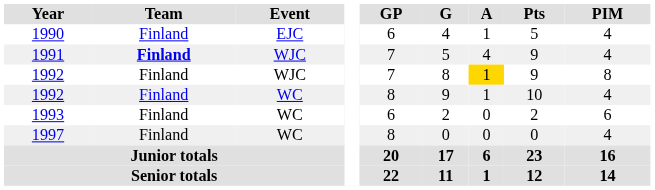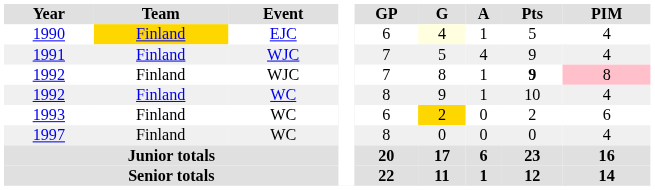 <table border="0" cellpadding="1" cellspacing="0" style="text-align:center; width:40em">
 <tr ALIGN="center" bgcolor="#e0e0e0">
 <th>Year</th>
 <th>Team</th>
 <th>Event</th>
 <th ALIGN="center" rowspan="99" bgcolor="#ffffff"> </th>
 <th>GP</th>
 <th>G</th>
 <th>A</th>
 <th>Pts</th>
 <th>PIM</th>
 </tr>
 <tr>
 <td><a href='#'>1990</a></td>
-<td><a href='#'>Finland</a></td>
+<td style="background: gold;"><a href='#'>Finland</a></td>
 <td><a href='#'>EJC</a></td>
 <td>6</td>
-<td>4</td>
+<td style="background: lightyellow;">4</td>
 <td>1</td>
 <td>5</td>
 <td>4</td>
 </tr>
 <tr bgcolor="#f0f0f0">
 <td><a href='#'>1991</a></td>
-<td><strong><a href='#'>Finland</a></strong></td>
+<td><a href='#'>Finland</a></td>
 <td><a href='#'>WJC</a></td>
 <td>7</td>
 <td>5</td>
 <td>4</td>
 <td>9</td>
 <td>4</td>
 </tr>
 <tr>
 <td><a href='#'>1992</a></td>
 <td>Finland</td>
 <td>WJC</td>
 <td>7</td>
 <td>8</td>
-<td style="background: gold;">1</td>
-<td>9</td>
-<td>8</td>
+<td>1</td>
+<td><strong>9</strong></td>
+<td style="background: pink;">8</td>
 </tr>
 <tr bgcolor="#f0f0f0">
 <td><a href='#'>1992</a></td>
 <td><a href='#'>Finland</a></td>
 <td><a href='#'>WC</a></td>
 <td>8</td>
 <td>9</td>
 <td>1</td>
 <td>10</td>
 <td>4</td>
 </tr>
 <tr>
 <td><a href='#'>1993</a></td>
 <td>Finland</td>
 <td>WC</td>
 <td>6</td>
-<td>2</td>
+<td style="background: gold;">2</td>
 <td>0</td>
 <td>2</td>
 <td>6</td>
 </tr>
 <tr bgcolor="#f0f0f0">
 <td><a href='#'>1997</a></td>
 <td>Finland</td>
 <td>WC</td>
 <td>8</td>
 <td>0</td>
 <td>0</td>
 <td>0</td>
 <td>4</td>
 </tr>
 <tr bgcolor="#e0e0e0">
 <th colspan=3>Junior totals</th>
 <th>20</th>
 <th>17</th>
 <th>6</th>
 <th>23</th>
 <th>16</th>
 </tr>
 <tr bgcolor="#e0e0e0">
 <th colspan=3>Senior totals</th>
 <th>22</th>
 <th>11</th>
 <th>1</th>
 <th>12</th>
 <th>14</th>
 </tr>
 </table>
